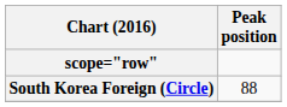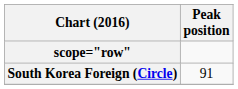 <table class="wikitable plainrowheaders sortable">
 <tr>
 <th scope="col">Chart (2016)</th>
 <th scope="col">Peak<br>position</th>
 </tr>
 <tr>
 <th>scope="row" </th>
 </tr>
 <tr>
 <th scope="row">South Korea Foreign (<a href='#'>Circle</a>)</th>
-<td align="center">88</td>
+<td align="center">91</td>
 </tr>
 <tr>
 </tr>
 </table>
